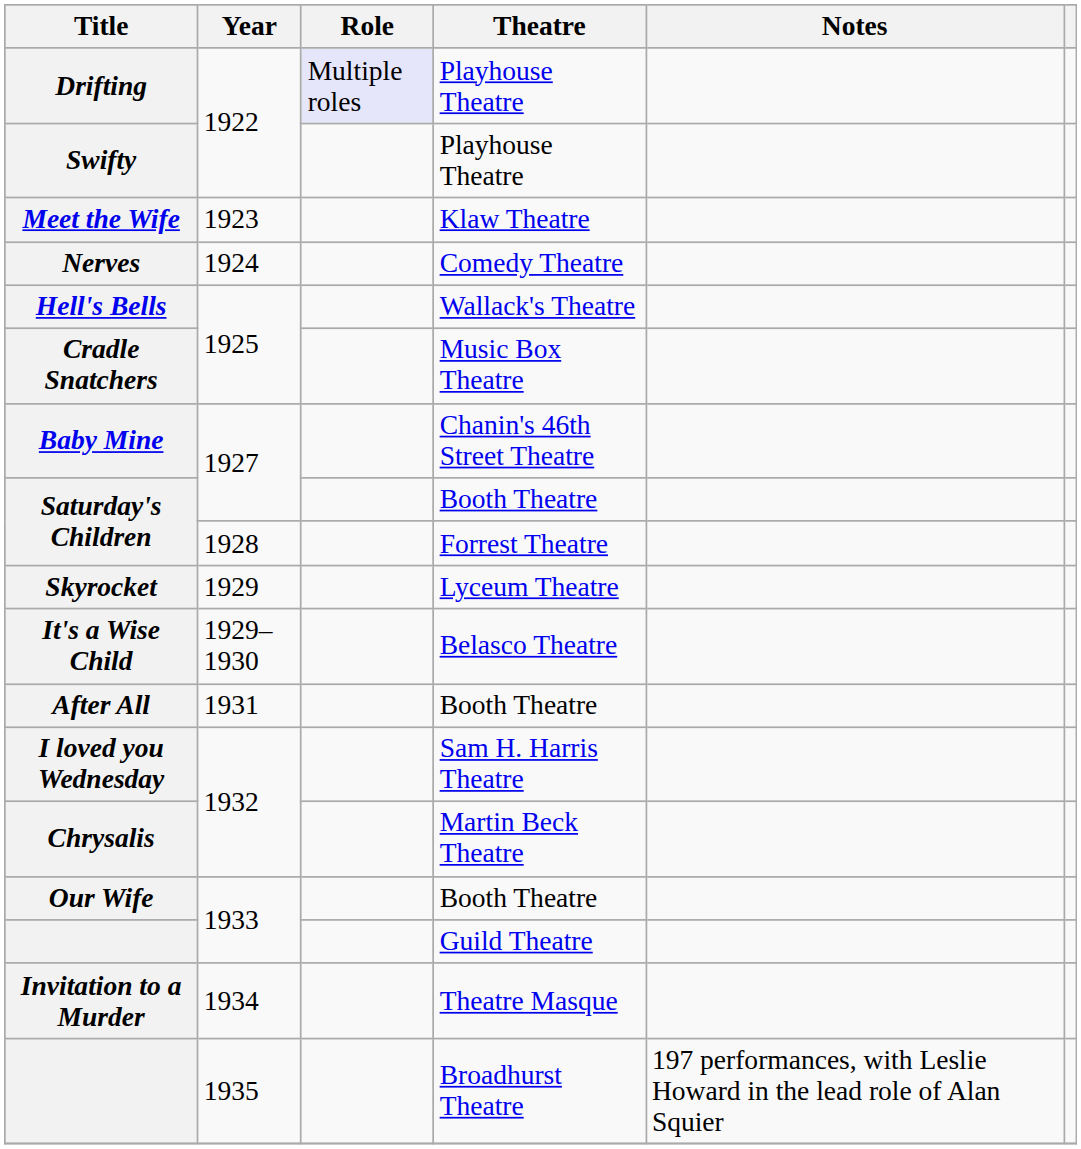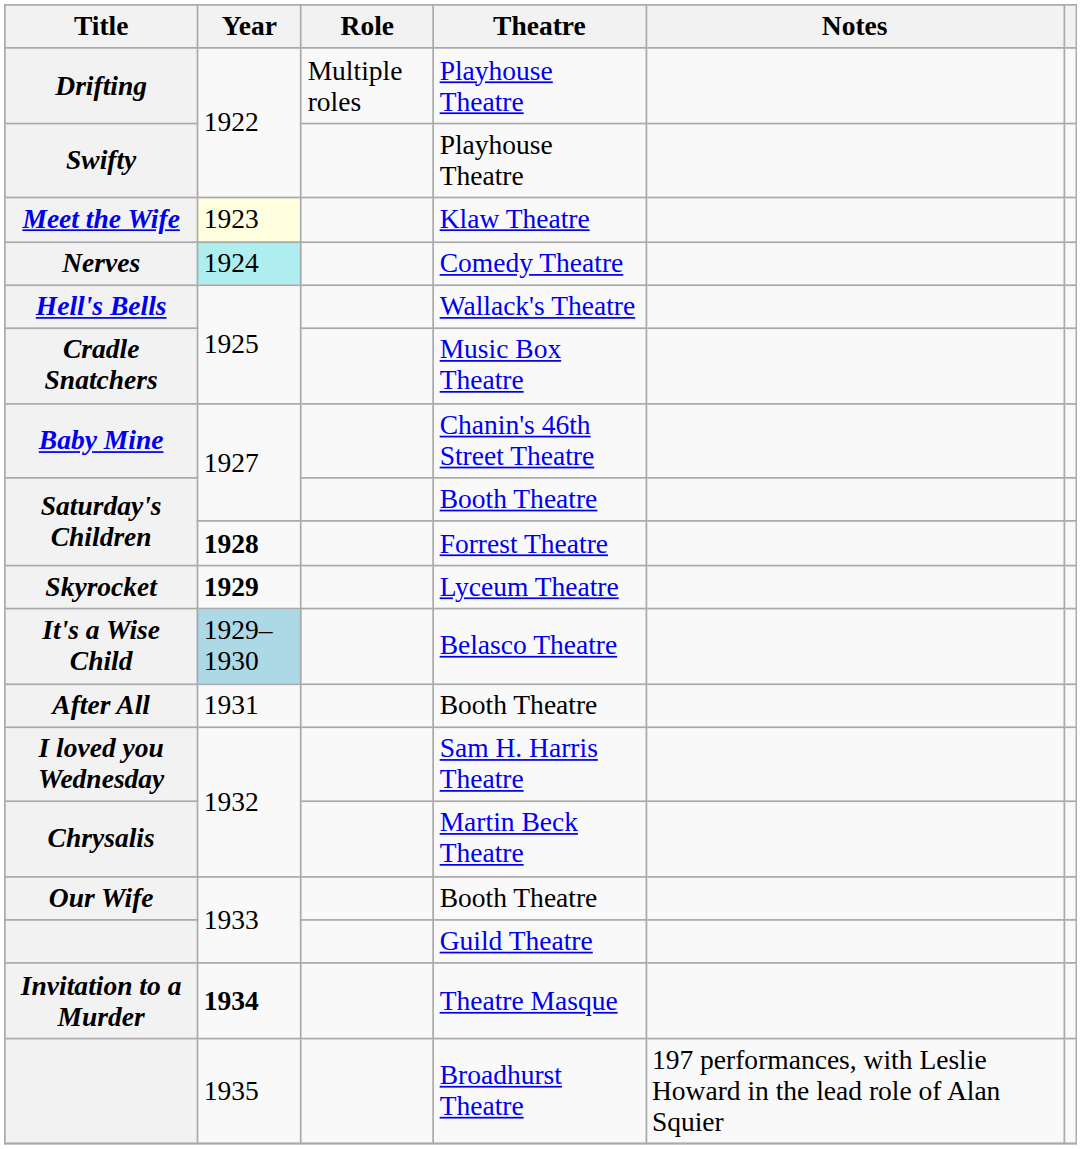 <table class="wikitable plainrowheaders sortable" style="margin-right: 0;">
 <tr>
 <th scope="col">Title</th>
 <th scope="col">Year</th>
 <th scope="col">Role</th>
 <th scope="col">Theatre</th>
 <th scope="col" class="unsortable">Notes</th>
 <th scope="col" class="unsortable"></th>
 </tr>
 <tr>
 <th scope="row"><em>Drifting</em></th>
 <td rowspan="2">1922</td>
-<td style="background: lavender;">Multiple roles</td>
+<td>Multiple roles</td>
 <td><a href='#'>Playhouse Theatre</a></td>
 <td></td>
 <td align="center"></td>
 </tr>
 <tr>
 <th scope="row"><em>Swifty</em></th>
 <td></td>
 <td>Playhouse Theatre</td>
 <td></td>
 <td align="center"></td>
 </tr>
 <tr>
 <th scope="row"><em><a href='#'>Meet the Wife</a></em></th>
-<td>1923</td>
+<td style="background: lightyellow;">1923</td>
 <td></td>
 <td><a href='#'>Klaw Theatre</a></td>
 <td></td>
 <td align="center"></td>
 </tr>
 <tr>
 <th scope="row"><em>Nerves</em></th>
-<td>1924</td>
+<td style="background: paleturquoise;">1924</td>
 <td></td>
 <td><a href='#'>Comedy Theatre</a></td>
 <td></td>
 <td align="center"></td>
 </tr>
 <tr>
 <th scope="row"><em><a href='#'>Hell's Bells</a></em></th>
 <td rowspan="2">1925</td>
 <td></td>
 <td><a href='#'>Wallack's Theatre</a></td>
 <td></td>
 <td align="center"></td>
 </tr>
 <tr>
 <th scope="row"><em>Cradle Snatchers</em></th>
 <td></td>
 <td><a href='#'>Music Box Theatre</a></td>
 <td></td>
 <td align="center"></td>
 </tr>
 <tr>
 <th scope="row"><em><a href='#'>Baby Mine</a></em></th>
 <td rowspan="2">1927</td>
 <td></td>
 <td><a href='#'>Chanin's 46th Street Theatre</a></td>
 <td></td>
 <td align="center"></td>
 </tr>
 <tr>
 <th rowspan="2" scope="row"><em>Saturday's Children</em></th>
 <td></td>
 <td><a href='#'>Booth Theatre</a></td>
 <td></td>
 <td align="center"></td>
 </tr>
 <tr>
-<td>1928</td>
+<td><strong>1928</strong></td>
 <td></td>
 <td><a href='#'>Forrest Theatre</a></td>
 <td></td>
 <td align="center"></td>
 </tr>
 <tr>
 <th scope="row"><em>Skyrocket</em></th>
-<td>1929</td>
+<td><strong>1929</strong></td>
 <td></td>
 <td><a href='#'>Lyceum Theatre</a></td>
 <td></td>
 <td align="center"></td>
 </tr>
 <tr>
 <th scope="row"><em>It's a Wise Child</em></th>
-<td>1929–1930</td>
+<td style="background: lightblue;">1929–1930</td>
 <td></td>
 <td><a href='#'>Belasco Theatre</a></td>
 <td></td>
 <td align="center"></td>
 </tr>
 <tr>
 <th scope="row"><em>After All</em></th>
 <td>1931</td>
 <td></td>
 <td>Booth Theatre</td>
 <td></td>
 <td align="center"></td>
 </tr>
 <tr>
 <th scope="row"><em>I loved you Wednesday</em></th>
 <td rowspan="2">1932</td>
 <td></td>
 <td><a href='#'>Sam H. Harris Theatre</a></td>
 <td></td>
 <td align="center"></td>
 </tr>
 <tr>
 <th scope="row"><em>Chrysalis</em></th>
 <td></td>
 <td><a href='#'>Martin Beck Theatre</a></td>
 <td></td>
 <td align="center"></td>
 </tr>
 <tr>
 <th scope="row"><em>Our Wife</em></th>
 <td rowspan="2">1933</td>
 <td></td>
 <td>Booth Theatre</td>
 <td></td>
 <td align="center"></td>
 </tr>
 <tr>
 <th scope="row"></th>
 <td></td>
 <td><a href='#'>Guild Theatre</a></td>
 <td></td>
 <td align="center"></td>
 </tr>
 <tr>
 <th scope="row"><em>Invitation to a Murder</em></th>
-<td>1934</td>
+<td><strong>1934</strong></td>
 <td></td>
 <td><a href='#'>Theatre Masque</a></td>
 <td></td>
 <td align="center"></td>
 </tr>
 <tr>
 <th scope="row"></th>
 <td>1935</td>
 <td></td>
 <td><a href='#'>Broadhurst Theatre</a></td>
 <td>197 performances, with Leslie Howard in the lead role of Alan Squier</td>
 <td align="center"></td>
 </tr>
 <tr>
 </tr>
 </table>
